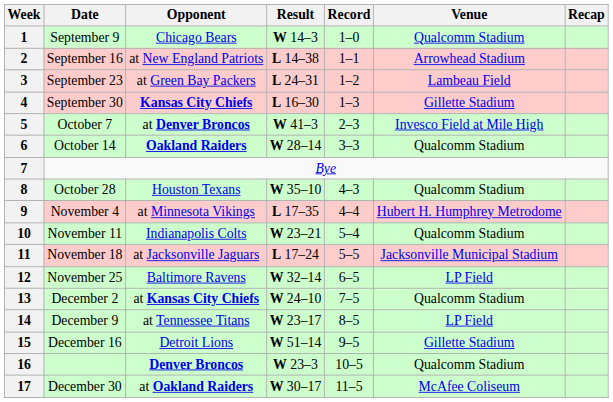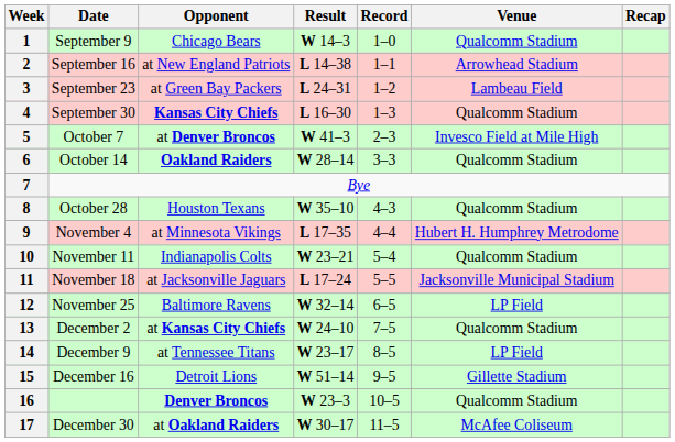 <table class="wikitable" style="align=center">
 <tr>
 <th>Week</th>
 <th>Date</th>
 <th>Opponent</th>
 <th>Result</th>
 <th>Record</th>
 <th>Venue</th>
 <th>Recap</th>
 </tr>
 <tr align="center" bgcolor="#cfc">
 <th>1</th>
 <td>September 9</td>
 <td><a href='#'>Chicago Bears</a></td>
 <td><strong>W</strong> 14–3</td>
 <td>1–0</td>
 <td><a href='#'>Qualcomm Stadium</a></td>
 <td></td>
 </tr>
 <tr align="center" bgcolor="#fcc">
 <th>2</th>
 <td>September 16</td>
 <td>at <a href='#'>New England Patriots</a></td>
 <td><strong>L</strong> 14–38</td>
 <td>1–1</td>
 <td><a href='#'>Arrowhead Stadium</a></td>
 <td></td>
 </tr>
 <tr align="center" bgcolor="#fcc">
 <th>3</th>
 <td>September 23</td>
 <td>at <a href='#'>Green Bay Packers</a></td>
 <td><strong>L</strong> 24–31</td>
 <td>1–2</td>
 <td><a href='#'>Lambeau Field</a></td>
 <td></td>
 </tr>
 <tr align="center" bgcolor="#fcc">
 <th>4</th>
 <td>September 30</td>
 <td><strong><a href='#'>Kansas City Chiefs</a></strong></td>
 <td><strong>L</strong> 16–30</td>
 <td>1–3</td>
-<td><a href='#'>Gillette Stadium</a></td>
+<td>Qualcomm Stadium</td>
 <td></td>
 </tr>
 <tr align="center" bgcolor="#cfc">
 <th>5</th>
 <td>October 7</td>
 <td>at <strong><a href='#'>Denver Broncos</a></strong></td>
 <td><strong>W</strong> 41–3</td>
 <td>2–3</td>
 <td><a href='#'>Invesco Field at Mile High</a></td>
 <td></td>
 </tr>
 <tr align="center" bgcolor="#cfc">
 <th>6</th>
 <td>October 14</td>
 <td><strong><a href='#'>Oakland Raiders</a></strong></td>
 <td><strong>W</strong> 28–14</td>
 <td>3–3</td>
 <td>Qualcomm Stadium</td>
 <td></td>
 </tr>
 <tr align="center">
 <th>7</th>
 <td colspan="7" align="center"><em><a href='#'>Bye</a></em></td>
 </tr>
 <tr align="center" bgcolor="#cfc">
 <th>8</th>
 <td>October 28</td>
 <td><a href='#'>Houston Texans</a></td>
 <td><strong>W</strong> 35–10</td>
 <td>4–3</td>
 <td>Qualcomm Stadium</td>
 <td></td>
 </tr>
 <tr align="center" bgcolor="#fcc">
 <th>9</th>
 <td>November 4</td>
 <td>at <a href='#'>Minnesota Vikings</a></td>
 <td><strong>L</strong> 17–35</td>
 <td>4–4</td>
 <td><a href='#'>Hubert H. Humphrey Metrodome</a></td>
 <td></td>
 </tr>
 <tr align="center" bgcolor="#cfc">
 <th>10</th>
 <td>November 11</td>
 <td><a href='#'>Indianapolis Colts</a></td>
 <td><strong>W</strong> 23–21</td>
 <td>5–4</td>
 <td>Qualcomm Stadium</td>
 <td></td>
 </tr>
 <tr align="center" bgcolor="#fcc">
 <th>11</th>
 <td>November 18</td>
 <td>at <a href='#'>Jacksonville Jaguars</a></td>
 <td><strong>L</strong> 17–24</td>
 <td>5–5</td>
 <td><a href='#'>Jacksonville Municipal Stadium</a></td>
 <td></td>
 </tr>
 <tr align="center" bgcolor="#cfc">
 <th>12</th>
 <td>November 25</td>
 <td><a href='#'>Baltimore Ravens</a></td>
 <td><strong>W</strong> 32–14</td>
 <td>6–5</td>
 <td><a href='#'>LP Field</a></td>
 <td></td>
 </tr>
 <tr align="center" bgcolor="#cfc">
 <th>13</th>
 <td>December 2</td>
 <td>at <strong><a href='#'>Kansas City Chiefs</a></strong></td>
 <td><strong>W</strong> 24–10</td>
 <td>7–5</td>
 <td>Qualcomm Stadium</td>
 <td></td>
 </tr>
 <tr align="center" bgcolor="#cfc">
 <th>14</th>
 <td>December 9</td>
 <td>at <a href='#'>Tennessee Titans</a></td>
 <td><strong>W</strong> 23–17 </td>
 <td>8–5</td>
 <td><a href='#'>LP Field</a></td>
 <td></td>
 </tr>
 <tr align="center" bgcolor="#cfc">
 <th>15</th>
 <td>December 16</td>
 <td><a href='#'>Detroit Lions</a></td>
 <td><strong>W</strong> 51–14</td>
 <td>9–5</td>
 <td><a href='#'>Gillette Stadium</a></td>
 <td></td>
 </tr>
 <tr align="center" bgcolor="#cfc">
 <th>16</th>
 <td></td>
 <td><strong><a href='#'>Denver Broncos</a></strong></td>
 <td><strong>W</strong> 23–3</td>
 <td>10–5</td>
 <td>Qualcomm Stadium</td>
 <td></td>
 </tr>
 <tr align="center" bgcolor="#cfc">
 <th>17</th>
 <td>December 30</td>
 <td>at <strong><a href='#'>Oakland Raiders</a></strong></td>
 <td><strong>W</strong> 30–17</td>
 <td>11–5</td>
 <td><a href='#'>McAfee Coliseum</a></td>
 <td></td>
 </tr>
 </table>
